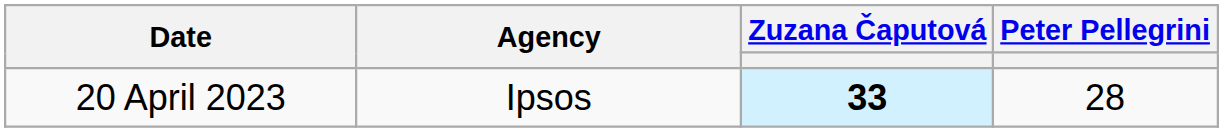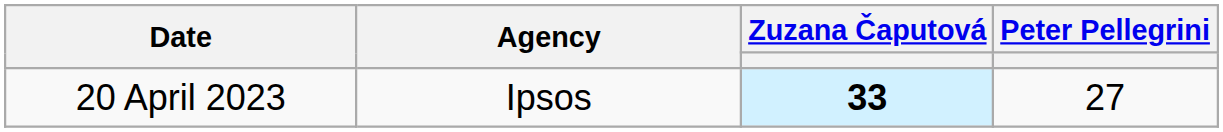 <table class="wikitable" style="text-align:center;">
 <tr style="font-size:80%;">
 <th style="width:150px;" rowspan="2">Date</th>
 <th style="width:165px;" rowspan="2">Agency</th>
 <th><a href='#'>Zuzana Čaputová</a></th>
 <th><a href='#'>Peter Pellegrini</a></th>
 </tr>
 <tr>
 <th style="background:"></th>
 <th style="background:"></th>
 </tr>
 <tr>
 <td>20 April 2023</td>
 <td>Ipsos</td>
 <td style="background:#D1F1FF"><strong>33</strong></td>
-<td>28</td>
+<td>27</td>
 </tr>
 </table>
